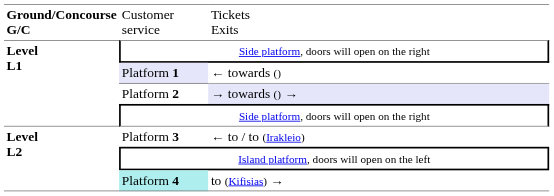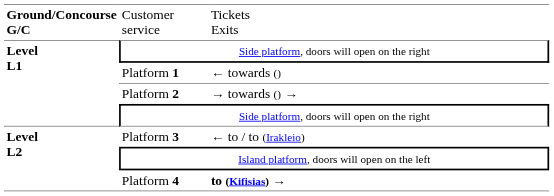 <table border=0 cellspacing=0 cellpadding=3>
 <tr>
 <td style="border-top:solid 1px gray;" width=50 valign=top><strong>Ground/Concourse<br>G/C</strong></td>
 <td style="border-top:solid 1px gray;" width=100 valign=top>Customer service</td>
 <td style="border-top:solid 1px gray;" width=400 valign=top>Tickets<br>Exits</td>
 </tr>
 <tr>
 <td style="border-top:solid 1px gray;border-bottom:solid 1px gray;" rowspan=4 valign=top><strong>Level<br>L1</strong></td>
 <td style="border-top:solid 1px gray;border-right:solid 2px black;border-left:solid 2px black;border-bottom:solid 2px black;text-align:center;" colspan=2><small><a href='#'>Side platform</a>, doors will open on the right</small></td>
 </tr>
 <tr>
-<td style="background: lavender; border-bottom:solid 1px gray;">Platform <span><strong>1</strong></span></td>
+<td style="border-bottom:solid 1px gray;">Platform <span><strong>1</strong></span></td>
 <td style="border-bottom:solid 1px gray;">←  towards  <small>()</small></td>
 </tr>
 <tr>
 <td>Platform <span><strong>2</strong></span></td>
-<td style="background: lavender;"><span>→</span>  towards  <small>()</small> →</td>
+<td><span>→</span>  towards  <small>()</small> →</td>
 </tr>
 <tr>
 <td style="border-bottom:solid 1px gray;border-top:solid 2px black;border-right:solid 2px black;border-left:solid 2px black;text-align:center;" colspan=2><small><a href='#'>Side platform</a>, doors will open on the right</small></td>
 </tr>
 <tr>
 <td style="border-bottom:solid 1px gray;" width=50 valign=top rowspan=3><strong>Level<br>L2</strong></td>
 <td>Platform <strong>3</strong></td>
 <td>←  to  /  to  <small>(<a href='#'>Irakleio</a>)</small></td>
 </tr>
 <tr>
 <td style="border-top:solid 2px black;border-right:solid 2px black;border-left:solid 2px black;border-bottom:solid 2px black;text-align:center;" colspan=2><small><a href='#'>Island platform</a>, doors will open on the left</small></td>
 </tr>
 <tr>
-<td style="background: paleturquoise; border-bottom:solid 1px gray;">Platform <strong>4</strong></td>
-<td style="border-bottom:solid 1px gray;">   to  <small>(<a href='#'>Kifisias</a>)</small> →</td>
+<td style="border-bottom:solid 1px gray;">Platform <strong>4</strong></td>
+<td style="border-bottom:solid 1px gray;"><strong>   to  <small>(<a href='#'>Kifisias</a>)</small> →</strong></td>
 </tr>
 </table>
